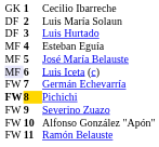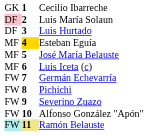 <table style="font-size:90%; margin:0.2em auto;" cellspacing="0" cellpadding="0">
 <tr>
 <th width="25"></th>
 <th width="25"></th>
 </tr>
 <tr>
 <td>GK</td>
 <td><strong>1</strong></td>
 <td> Cecilio Ibarreche</td>
 </tr>
 <tr>
-<td>DF</td>
+<td style="background: pink;">DF</td>
 <td><strong>2</strong></td>
 <td> Luis María Solaun</td>
 </tr>
 <tr>
 <td>DF</td>
 <td><strong>3</strong></td>
 <td> <a href='#'>Luis Hurtado</a></td>
 </tr>
 <tr>
 <td>MF</td>
-<td><strong>4</strong></td>
+<td style="background: gold;"><strong>4</strong></td>
 <td> Esteban Eguía</td>
 </tr>
 <tr>
 <td>MF</td>
 <td><strong>5</strong></td>
 <td> <a href='#'>José María Belauste</a></td>
 </tr>
 <tr>
-<td style="background: lavender;">MF</td>
+<td>MF</td>
 <td><strong>6</strong></td>
 <td> <a href='#'>Luis Iceta</a> (<a href='#'>c</a>)</td>
 </tr>
 <tr>
 <td>FW</td>
 <td><strong>7</strong></td>
 <td> <a href='#'>Germán Echevarría</a></td>
 </tr>
 <tr>
-<td><strong>FW</strong></td>
-<td style="background: gold;"><strong>8</strong></td>
+<td>FW</td>
+<td><strong>8</strong></td>
 <td> <a href='#'>Pichichi</a></td>
 </tr>
 <tr>
 <td>FW</td>
 <td><strong>9</strong></td>
 <td> <a href='#'>Severino Zuazo</a></td>
 </tr>
 <tr>
 <td>FW</td>
 <td><strong>10</strong></td>
 <td> Alfonso González "Apón"</td>
 </tr>
 <tr>
-<td>FW</td>
-<td><strong>11</strong></td>
+<td style="background: paleturquoise;">FW</td>
+<td style="background: khaki;"><strong>11</strong></td>
 <td> <a href='#'>Ramón Belauste</a></td>
 </tr>
 <tr>
 </tr>
 </table>
